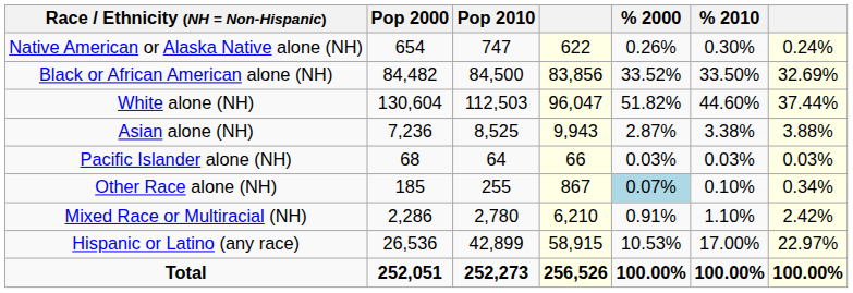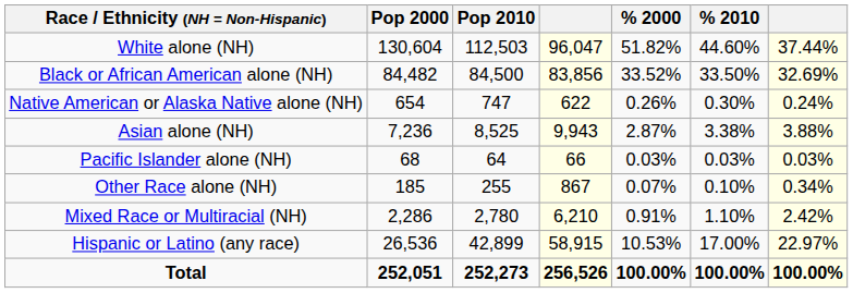 <table class="wikitable" style="text-align:center;">
 <tr>
 <th>Race / Ethnicity <small>(<em>NH = Non-Hispanic</em>)</small></th>
 <th>Pop 2000</th>
 <th>Pop 2010</th>
 <th></th>
 <th>% 2000</th>
 <th>% 2010</th>
 <th></th>
 </tr>
 <tr>
-<td><a href='#'>Native American</a> or <a href='#'>Alaska Native</a> alone (NH)</td>
-<td>654</td>
-<td>747</td>
-<td style='background: #ffffe6;'>622</td>
-<td>0.26%</td>
-<td>0.30%</td>
-<td style='background: #ffffe6;'>0.24%</td>
+<td><a href='#'>White</a> alone (NH)</td>
+<td>130,604</td>
+<td>112,503</td>
+<td style='background: #ffffe6;'>96,047</td>
+<td>51.82%</td>
+<td>44.60%</td>
+<td style='background: #ffffe6;'>37.44%</td>
 </tr>
 <tr>
 <td><a href='#'>Black or African American</a> alone (NH)</td>
 <td>84,482</td>
 <td>84,500</td>
 <td style='background: #ffffe6;'>83,856</td>
 <td>33.52%</td>
 <td>33.50%</td>
 <td style='background: #ffffe6;'>32.69%</td>
 </tr>
 <tr>
-<td><a href='#'>White</a> alone (NH)</td>
-<td>130,604</td>
-<td>112,503</td>
-<td style='background: #ffffe6;'>96,047</td>
-<td>51.82%</td>
-<td>44.60%</td>
-<td style='background: #ffffe6;'>37.44%</td>
+<td><a href='#'>Native American</a> or <a href='#'>Alaska Native</a> alone (NH)</td>
+<td>654</td>
+<td>747</td>
+<td style='background: #ffffe6;'>622</td>
+<td>0.26%</td>
+<td>0.30%</td>
+<td style='background: #ffffe6;'>0.24%</td>
 </tr>
 <tr>
 <td><a href='#'>Asian</a> alone (NH)</td>
 <td>7,236</td>
 <td>8,525</td>
 <td style='background: #ffffe6;'>9,943</td>
 <td>2.87%</td>
 <td>3.38%</td>
 <td style='background: #ffffe6;'>3.88%</td>
 </tr>
 <tr>
 <td><a href='#'>Pacific Islander</a> alone (NH)</td>
 <td>68</td>
 <td>64</td>
 <td style='background: #ffffe6;'>66</td>
 <td>0.03%</td>
 <td>0.03%</td>
 <td style='background: #ffffe6;'>0.03%</td>
 </tr>
 <tr>
 <td><a href='#'>Other Race</a> alone (NH)</td>
 <td>185</td>
 <td>255</td>
 <td style='background: #ffffe6;'>867</td>
-<td style="background: lightblue;">0.07%</td>
+<td>0.07%</td>
 <td>0.10%</td>
 <td style='background: #ffffe6;'>0.34%</td>
 </tr>
 <tr>
 <td><a href='#'>Mixed Race or Multiracial</a> (NH)</td>
 <td>2,286</td>
 <td>2,780</td>
 <td style='background: #ffffe6;'>6,210</td>
 <td>0.91%</td>
 <td>1.10%</td>
 <td style='background: #ffffe6;'>2.42%</td>
 </tr>
 <tr>
 <td><a href='#'>Hispanic or Latino</a> (any race)</td>
 <td>26,536</td>
 <td>42,899</td>
 <td style='background: #ffffe6;'>58,915</td>
 <td>10.53%</td>
 <td>17.00%</td>
 <td style='background: #ffffe6;'>22.97%</td>
 </tr>
 <tr>
 <td><strong>Total</strong></td>
 <td><strong>252,051</strong></td>
 <td><strong>252,273</strong></td>
 <td style='background: #ffffe6;'><strong>256,526</strong></td>
 <td><strong>100.00%</strong></td>
 <td><strong>100.00%</strong></td>
 <td style='background: #ffffe6;'><strong>100.00%</strong></td>
 </tr>
 </table>
